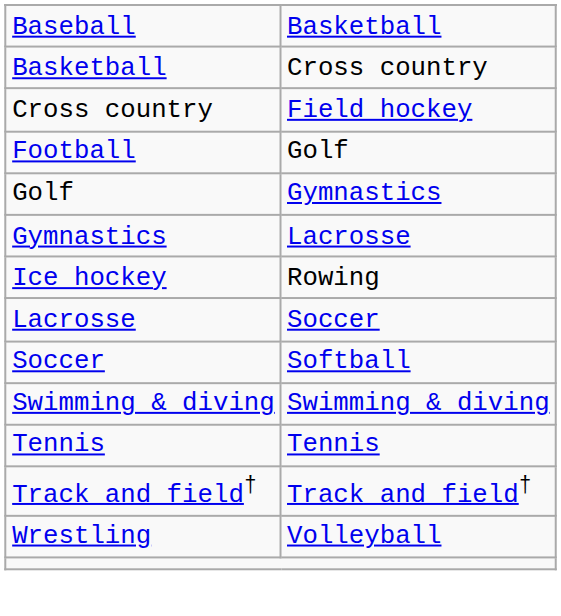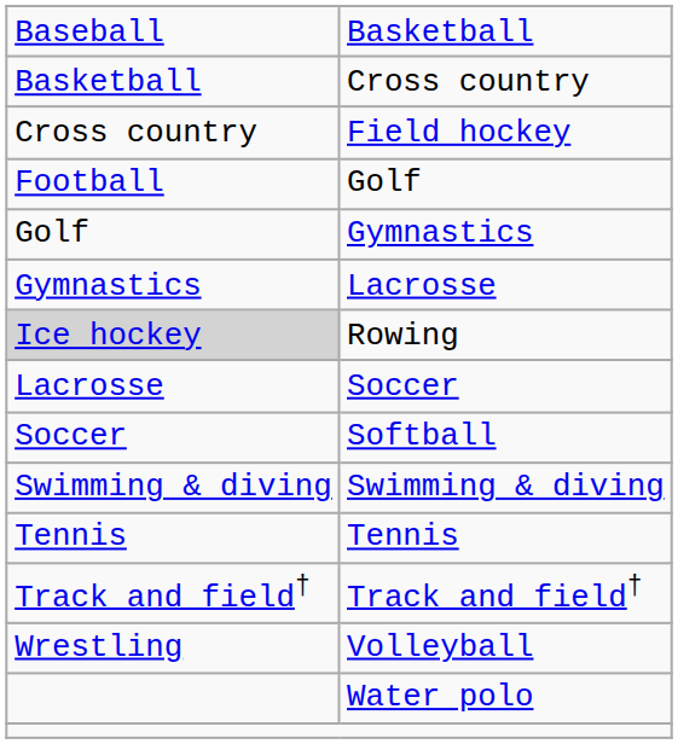 <table class="wikitable" style="float:right; clear:right; margin:0 0 1em 1em;">
 <tr>
 </tr>
 <tr>
 <td><a href='#'>Baseball</a></td>
 <td><a href='#'>Basketball</a></td>
 </tr>
 <tr>
 <td><a href='#'>Basketball</a></td>
 <td>Cross country</td>
 </tr>
 <tr>
 <td>Cross country</td>
 <td><a href='#'>Field hockey</a></td>
 </tr>
 <tr>
 <td><a href='#'>Football</a></td>
 <td>Golf</td>
 </tr>
 <tr>
 <td>Golf</td>
 <td><a href='#'>Gymnastics</a></td>
 </tr>
 <tr>
 <td><a href='#'>Gymnastics</a></td>
 <td><a href='#'>Lacrosse</a></td>
 </tr>
 <tr>
-<td><a href='#'>Ice hockey</a></td>
+<td style="background: lightgrey;"><a href='#'>Ice hockey</a></td>
 <td>Rowing</td>
 </tr>
 <tr>
 <td><a href='#'>Lacrosse</a></td>
 <td><a href='#'>Soccer</a></td>
 </tr>
 <tr>
 <td><a href='#'>Soccer</a></td>
 <td><a href='#'>Softball</a></td>
 </tr>
 <tr>
 <td><a href='#'>Swimming & diving</a></td>
 <td><a href='#'>Swimming & diving</a></td>
 </tr>
 <tr>
 <td><a href='#'>Tennis</a></td>
 <td><a href='#'>Tennis</a></td>
 </tr>
 <tr>
 <td><a href='#'>Track and field</a><sup>†</sup></td>
 <td><a href='#'>Track and field</a><sup>†</sup></td>
 </tr>
 <tr>
 <td><a href='#'>Wrestling</a></td>
 <td><a href='#'>Volleyball</a></td>
 </tr>
 <tr>
+<td></td>
+<td><a href='#'>Water polo</a></td>
+</tr>
+<tr>
 <td colspan="2"></td>
 </tr>
 </table>
